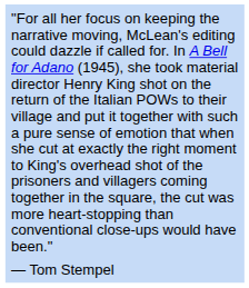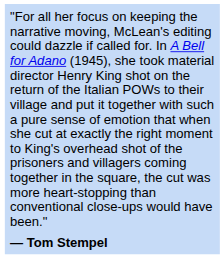 <table class="toccolours" style="float: right; margin-left: 1em; margin-right: 2em; font-size: 95%; background:#c6dbf7; color:black; width:30em; max-width: 40%;" cellspacing="5">
 <tr>
 <td style="text-align: left;">"For all her focus on keeping the narrative moving, McLean's editing could dazzle if called for. In <em><a href='#'>A Bell for Adano</a></em> (1945), she took material director Henry King shot on the return of the Italian POWs to their village and put it together with such a pure sense of emotion that when she cut at exactly the right moment to King's overhead shot of the prisoners and villagers coming together in the square, the cut was more heart-stopping than conventional close-ups would have been."</td>
 </tr>
 <tr>
-<td style="text-align: left;">— Tom Stempel</td>
+<td style="text-align: left;"><strong>— Tom Stempel</strong></td>
 </tr>
 </table>
